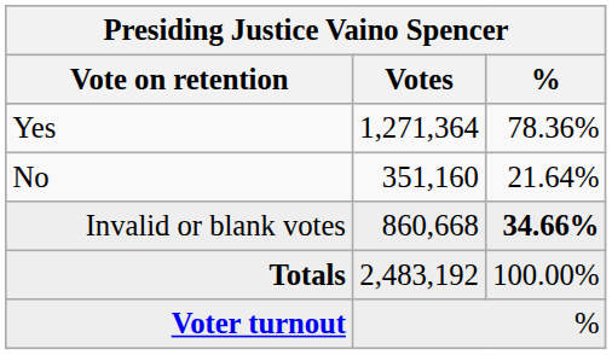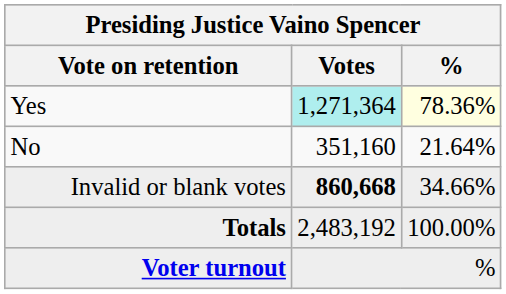 <table class="wikitable" style="font-size: 95%;">
 <tr style="background-color:#E9E9E9">
 <th colspan=7>Presiding Justice Vaino Spencer</th>
 </tr>
 <tr style="background-color:#E9E9E9">
 <th style="width: 170px">Vote on retention</th>
 <th style="width: 50px">Votes</th>
 <th style="width: 40px">%</th>
 </tr>
 <tr>
 <td>Yes</td>
-<td align="right">1,271,364</td>
-<td align="right">78.36%</td>
+<td align="right" style="background: paleturquoise;">1,271,364</td>
+<td align="right" style="background: lightyellow;">78.36%</td>
 </tr>
 <tr>
 <td>No</td>
 <td align="right">351,160</td>
 <td align="right">21.64%</td>
 </tr>
 <tr style="background-color:#EEEEEE">
 <td align="right">Invalid or blank votes</td>
-<td align="right">860,668</td>
-<td align="right"><strong>34.66%</strong></td>
+<td align="right"><strong>860,668</strong></td>
+<td align="right">34.66%</td>
 </tr>
 <tr style="background-color:#EEEEEE">
 <td colspan="1" align="right"><strong>Totals</strong></td>
 <td align="right">2,483,192</td>
 <td align="right">100.00%</td>
 </tr>
 <tr style="background-color:#EEEEEE">
 <td align="right"><strong><a href='#'>Voter turnout</a></strong></td>
 <td colspan="2" align="right">%</td>
 </tr>
 </table>
